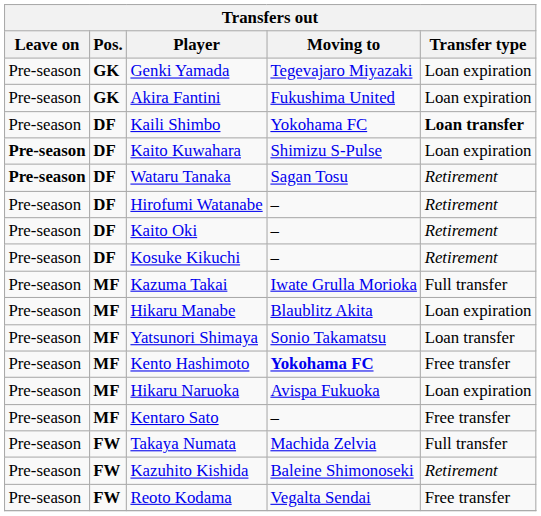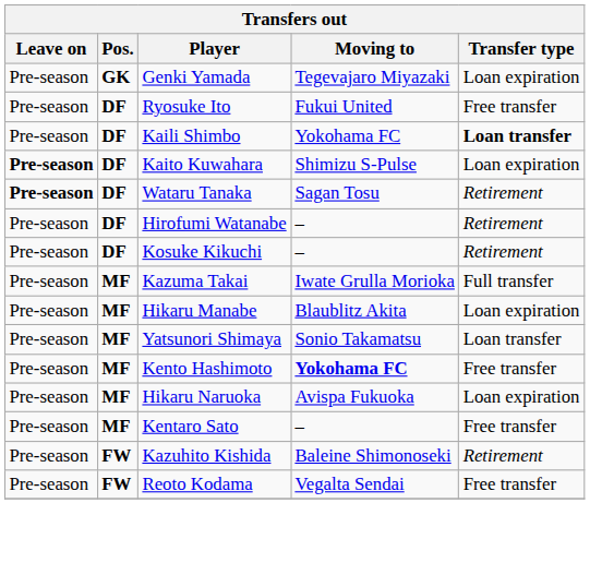 <table class="wikitable sortable" style=“text-align:left;>
 <tr>
 <th colspan="5">Transfers out</th>
 </tr>
 <tr>
 <th>Leave on</th>
 <th>Pos.</th>
 <th>Player</th>
 <th>Moving to</th>
 <th>Transfer type</th>
 </tr>
 <tr>
 <td>Pre-season</td>
 <td><strong>GK</strong></td>
 <td> <a href='#'>Genki Yamada</a></td>
 <td> <a href='#'>Tegevajaro Miyazaki</a></td>
 <td>Loan expiration</td>
 </tr>
 <tr>
 <td>Pre-season</td>
-<td><strong>GK</strong></td>
-<td> <a href='#'>Akira Fantini</a></td>
-<td> <a href='#'>Fukushima United</a></td>
-<td>Loan expiration</td>
+<td><strong>DF</strong></td>
+<td> <a href='#'>Ryosuke Ito</a></td>
+<td> <a href='#'>Fukui United</a></td>
+<td>Free transfer</td>
 </tr>
 <tr>
 <td>Pre-season</td>
 <td><strong>DF</strong></td>
 <td> <a href='#'>Kaili Shimbo</a></td>
 <td> <a href='#'>Yokohama FC</a></td>
 <td><strong>Loan transfer</strong></td>
 </tr>
 <tr>
 <td><strong>Pre-season</strong></td>
 <td><strong>DF</strong></td>
 <td> <a href='#'>Kaito Kuwahara</a></td>
 <td> <a href='#'>Shimizu S-Pulse</a></td>
 <td>Loan expiration</td>
 </tr>
 <tr>
 <td><strong>Pre-season</strong></td>
 <td><strong>DF</strong></td>
 <td> <a href='#'>Wataru Tanaka</a></td>
 <td> <a href='#'>Sagan Tosu</a></td>
 <td><em>Retirement</em></td>
 </tr>
 <tr>
 <td>Pre-season</td>
 <td><strong>DF</strong></td>
 <td> <a href='#'>Hirofumi Watanabe</a></td>
-<td>–</td>
-<td><em>Retirement</em></td>
-</tr>
-<tr>
-<td>Pre-season</td>
-<td><strong>DF</strong></td>
-<td> <a href='#'>Kaito Oki</a></td>
 <td>–</td>
 <td><em>Retirement</em></td>
 </tr>
 <tr>
 <td>Pre-season</td>
 <td><strong>DF</strong></td>
 <td> <a href='#'>Kosuke Kikuchi</a></td>
 <td>–</td>
 <td><em>Retirement</em></td>
 </tr>
 <tr>
 <td>Pre-season</td>
 <td><strong>MF</strong></td>
 <td> <a href='#'>Kazuma Takai</a></td>
 <td> <a href='#'>Iwate Grulla Morioka</a></td>
 <td>Full transfer</td>
 </tr>
 <tr>
 <td>Pre-season</td>
 <td><strong>MF</strong></td>
 <td> <a href='#'>Hikaru Manabe</a></td>
 <td> <a href='#'>Blaublitz Akita</a></td>
 <td>Loan expiration</td>
 </tr>
 <tr>
 <td>Pre-season</td>
 <td><strong>MF</strong></td>
 <td> <a href='#'>Yatsunori Shimaya</a></td>
 <td> <a href='#'>Sonio Takamatsu</a></td>
 <td>Loan transfer</td>
 </tr>
 <tr>
 <td>Pre-season</td>
 <td><strong>MF</strong></td>
 <td> <a href='#'>Kento Hashimoto</a></td>
 <td><strong> <a href='#'>Yokohama FC</a></strong></td>
 <td>Free transfer</td>
 </tr>
 <tr>
 <td>Pre-season</td>
 <td><strong>MF</strong></td>
 <td> <a href='#'>Hikaru Naruoka</a></td>
 <td> <a href='#'>Avispa Fukuoka</a></td>
 <td>Loan expiration</td>
 </tr>
 <tr>
 <td>Pre-season</td>
 <td><strong>MF</strong></td>
 <td> <a href='#'>Kentaro Sato</a></td>
 <td>–</td>
 <td>Free transfer</td>
 </tr>
 <tr>
 <td>Pre-season</td>
 <td><strong>FW</strong></td>
-<td> <a href='#'>Takaya Numata</a></td>
-<td> <a href='#'>Machida Zelvia</a></td>
-<td>Full transfer</td>
-</tr>
-<tr>
-<td>Pre-season</td>
-<td><strong>FW</strong></td>
 <td> <a href='#'>Kazuhito Kishida</a></td>
 <td> <a href='#'>Baleine Shimonoseki</a></td>
 <td><em>Retirement</em></td>
 </tr>
 <tr>
 <td>Pre-season</td>
 <td><strong>FW</strong></td>
 <td> <a href='#'>Reoto Kodama</a></td>
 <td> <a href='#'>Vegalta Sendai</a></td>
 <td>Free transfer</td>
 </tr>
 <tr>
 </tr>
 </table>
